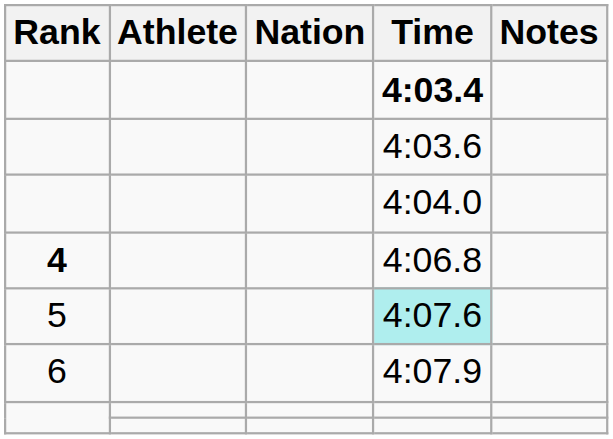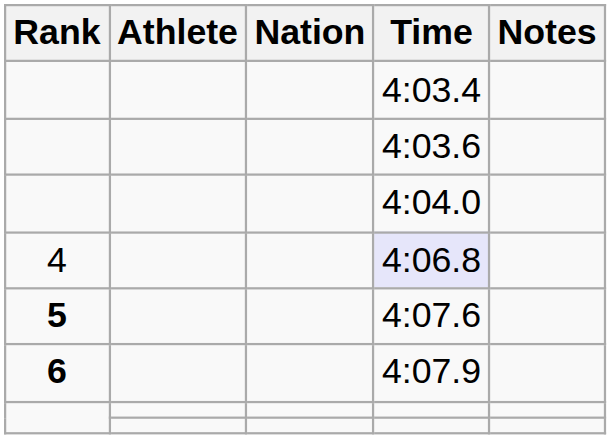 <table class="wikitable sortable" style="text-align:center">
 <tr>
 <th>Rank</th>
 <th>Athlete</th>
 <th>Nation</th>
 <th>Time</th>
 <th>Notes</th>
 </tr>
 <tr>
 <td></td>
 <td align=left></td>
 <td align=left></td>
-<td><strong>4:03.4</strong></td>
+<td>4:03.4</td>
 <td></td>
 </tr>
 <tr>
 <td></td>
 <td align=left></td>
 <td align=left></td>
 <td>4:03.6</td>
 <td></td>
 </tr>
 <tr>
 <td></td>
 <td align=left></td>
 <td align=left></td>
 <td>4:04.0</td>
 <td></td>
 </tr>
 <tr>
-<td><strong>4</strong></td>
+<td>4</td>
 <td align=left></td>
 <td align=left></td>
-<td>4:06.8</td>
+<td style="background: lavender;">4:06.8</td>
 <td></td>
 </tr>
 <tr>
-<td>5</td>
+<td><strong>5</strong></td>
 <td align=left></td>
 <td align=left></td>
-<td style="background: paleturquoise;">4:07.6</td>
+<td>4:07.6</td>
 <td></td>
 </tr>
 <tr>
-<td>6</td>
+<td><strong>6</strong></td>
 <td align=left></td>
 <td align=left></td>
 <td>4:07.9</td>
 <td></td>
 </tr>
 <tr>
 <td rowspan=2></td>
 <td align=left></td>
 <td align=left></td>
 <td></td>
 <td></td>
 </tr>
 <tr>
 <td align=left></td>
 <td align=left></td>
 <td></td>
 <td></td>
 </tr>
 </table>
